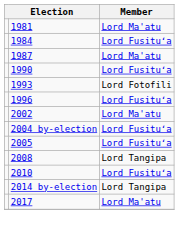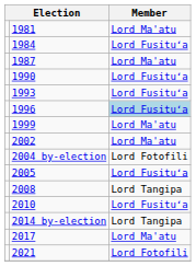 <table class="wikitable">
 <tr>
 <th colspan="2">Election</th>
 <th>Member</th>
 </tr>
 <tr>
 <td style="background-color: "></td>
 <td><a href='#'>1981</a></td>
 <td><a href='#'>Lord Ma'atu</a></td>
 </tr>
 <tr>
 <td style="background-color: "></td>
 <td><a href='#'>1984</a></td>
 <td><a href='#'>Lord Fusituʻa</a></td>
 </tr>
 <tr>
 <td style="background-color: "></td>
 <td><a href='#'>1987</a></td>
 <td><a href='#'>Lord Ma'atu</a></td>
 </tr>
 <tr>
 <td style="background-color: "></td>
 <td><a href='#'>1990</a></td>
 <td><a href='#'>Lord Fusituʻa</a></td>
 </tr>
 <tr>
 <td style="background-color: "></td>
 <td><a href='#'>1993</a></td>
-<td>Lord Fotofili</td>
+<td><a href='#'>Lord Fusituʻa</a></td>
 </tr>
 <tr>
 <td style="background-color: "></td>
 <td><a href='#'>1996</a></td>
-<td><a href='#'>Lord Fusituʻa</a></td>
+<td style="background: lightblue;"><a href='#'>Lord Fusituʻa</a></td>
+</tr>
+<tr>
+<td style="background-color: "></td>
+<td><a href='#'>1999</a></td>
+<td><a href='#'>Lord Ma'atu</a></td>
 </tr>
 <tr>
 <td style="background-color: "></td>
 <td><a href='#'>2002</a></td>
 <td><a href='#'>Lord Ma'atu</a></td>
 </tr>
 <tr>
 <td style="background-color: "></td>
 <td><a href='#'>2004 by-election</a></td>
-<td><a href='#'>Lord Fusituʻa</a></td>
+<td>Lord Fotofili</td>
 </tr>
 <tr>
 <td style="background-color: "></td>
 <td><a href='#'>2005</a></td>
 <td><a href='#'>Lord Fusituʻa</a></td>
 </tr>
 <tr>
 <td style="background-color: "></td>
 <td><a href='#'>2008</a></td>
 <td>Lord Tangipa</td>
 </tr>
 <tr>
 <td style="background-color: "></td>
 <td><a href='#'>2010</a></td>
 <td><a href='#'>Lord Fusituʻa</a></td>
 </tr>
 <tr>
 <td style="background-color: "></td>
 <td><a href='#'>2014 by-election</a></td>
 <td>Lord Tangipa</td>
 </tr>
 <tr>
 <td style="background-color: "></td>
 <td><a href='#'>2017</a></td>
 <td><a href='#'>Lord Ma'atu</a></td>
 </tr>
 <tr>
+<td style="background-color: "></td>
+<td><a href='#'>2021</a></td>
+<td><a href='#'>Lord Fotofili</a></td>
+</tr>
+<tr>
 </tr>
 </table>
